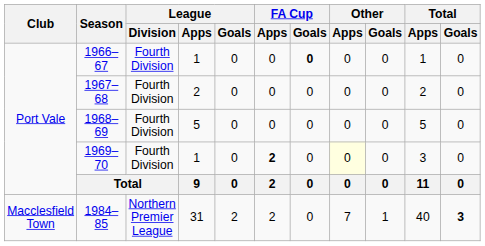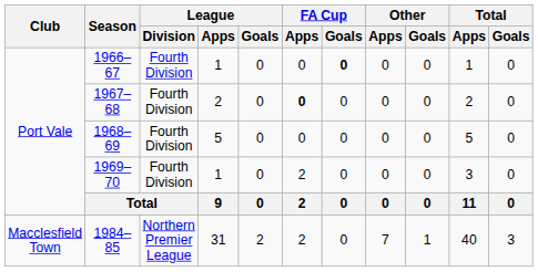 <table class="wikitable" style="text-align:center">
 <tr>
 <th rowspan="2">Club</th>
 <th rowspan="2">Season</th>
 <th colspan="3">League</th>
 <th colspan="2"><a href='#'>FA Cup</a></th>
 <th colspan="2">Other</th>
 <th colspan="2">Total</th>
 </tr>
 <tr>
 <th>Division</th>
 <th>Apps</th>
 <th>Goals</th>
 <th>Apps</th>
 <th>Goals</th>
 <th>Apps</th>
 <th>Goals</th>
 <th>Apps</th>
 <th>Goals</th>
 </tr>
 <tr>
 <td rowspan="5"><a href='#'>Port Vale</a></td>
 <td><a href='#'>1966–67</a></td>
 <td><a href='#'>Fourth Division</a></td>
 <td>1</td>
 <td>0</td>
 <td>0</td>
 <td><strong>0</strong></td>
 <td>0</td>
 <td>0</td>
 <td>1</td>
 <td>0</td>
 </tr>
 <tr>
 <td><a href='#'>1967–68</a></td>
 <td>Fourth Division</td>
 <td>2</td>
 <td>0</td>
-<td>0</td>
+<td><strong>0</strong></td>
 <td>0</td>
 <td>0</td>
 <td>0</td>
 <td>2</td>
 <td>0</td>
 </tr>
 <tr>
 <td><a href='#'>1968–69</a></td>
 <td>Fourth Division</td>
 <td>5</td>
 <td>0</td>
 <td>0</td>
 <td>0</td>
 <td>0</td>
 <td>0</td>
 <td>5</td>
 <td>0</td>
 </tr>
 <tr>
 <td><a href='#'>1969–70</a></td>
 <td>Fourth Division</td>
 <td>1</td>
 <td>0</td>
-<td><strong>2</strong></td>
+<td>2</td>
 <td>0</td>
-<td style="background: lightyellow;">0</td>
+<td>0</td>
 <td>0</td>
 <td>3</td>
 <td>0</td>
 </tr>
 <tr>
 <th colspan="2">Total</th>
 <th>9</th>
 <th>0</th>
 <th>2</th>
 <th>0</th>
 <th>0</th>
 <th>0</th>
 <th>11</th>
 <th>0</th>
 </tr>
 <tr>
 <td><a href='#'>Macclesfield Town</a></td>
 <td><a href='#'>1984–85</a></td>
 <td><a href='#'>Northern Premier League</a></td>
 <td>31</td>
 <td>2</td>
 <td>2</td>
 <td>0</td>
 <td>7</td>
 <td>1</td>
 <td>40</td>
-<td><strong>3</strong></td>
+<td>3</td>
 </tr>
 </table>
